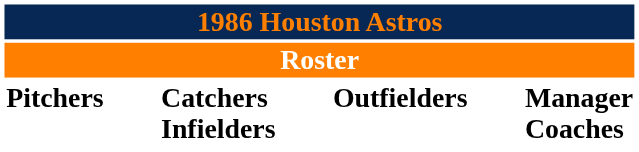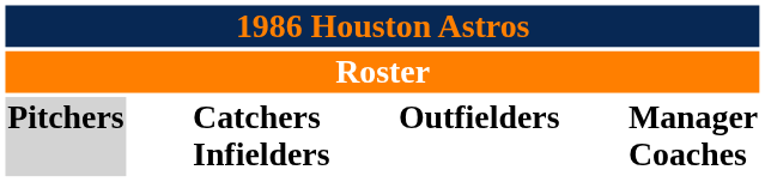 <table class="toccolours" style="text-align: left;">
 <tr>
 <th colspan="10" style="background-color: #072854; color: #FF7F00; text-align: center;">1986 Houston Astros</th>
 </tr>
 <tr>
 <td colspan="10" style="background-color: #FF7F00; color: white; text-align: center;"><strong>Roster</strong></td>
 </tr>
 <tr>
-<td valign="top"><strong>Pitchers</strong><br>                 </td>
+<td valign="top" style="background: lightgrey;"><strong>Pitchers</strong><br>                 </td>
 <td width="25px"></td>
 <td valign="top"><strong>Catchers</strong><br>    <strong>Infielders</strong>          </td>
 <td width="25px"></td>
 <td valign="top"><strong>Outfielders</strong><br>        </td>
 <td width="25px"></td>
 <td valign="top"><strong>Manager</strong><br> <strong>Coaches</strong>     </td>
 </tr>
 </table>
